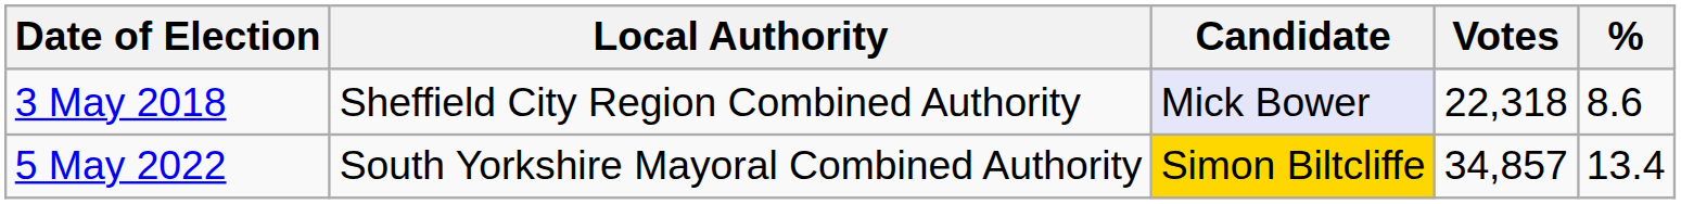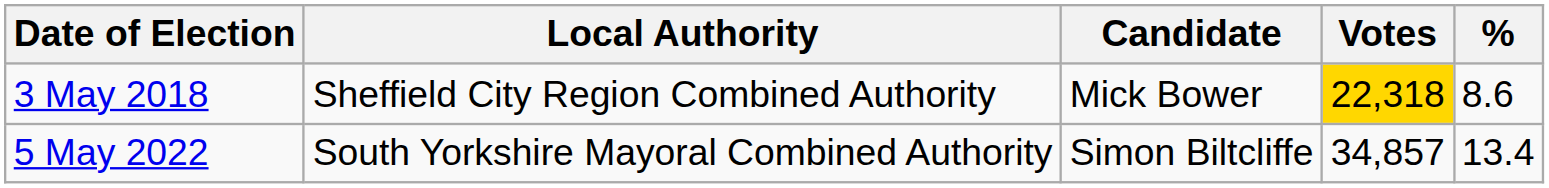 <table class="wikitable">
 <tr>
 <th>Date of Election</th>
 <th>Local Authority</th>
 <th>Candidate</th>
 <th>Votes</th>
 <th>%</th>
 </tr>
 <tr>
 <td><a href='#'>3 May 2018</a></td>
 <td>Sheffield City Region Combined Authority</td>
-<td style="background: lavender;">Mick Bower</td>
-<td>22,318</td>
+<td>Mick Bower</td>
+<td style="background: gold;">22,318</td>
 <td>8.6</td>
 </tr>
 <tr>
 <td><a href='#'>5 May 2022</a></td>
 <td>South Yorkshire Mayoral Combined Authority</td>
-<td style="background: gold;">Simon Biltcliffe</td>
+<td>Simon Biltcliffe</td>
 <td>34,857</td>
 <td>13.4</td>
 </tr>
 </table>
